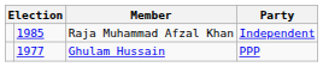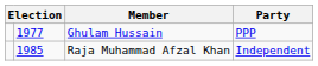 <table class="wikitable">
 <tr>
 <th colspan="2">Election</th>
 <th>Member</th>
 <th>Party</th>
 </tr>
 <tr>
 <td style="background-color: "></td>
+<td><a href='#'>1977</a></td>
+<td><a href='#'>Ghulam Hussain</a></td>
+<td><a href='#'>PPP</a></td>
+</tr>
+<tr>
+<td style="background-color: "></td>
 <td><a href='#'>1985</a></td>
 <td>Raja Muhammad Afzal Khan</td>
 <td><a href='#'>Independent</a></td>
 </tr>
-<tr>
-<td style="background-color: "></td>
-<td><a href='#'>1977</a></td>
-<td><a href='#'>Ghulam Hussain</a></td>
-<td><a href='#'>PPP</a></td>
-</tr>
 </table>
